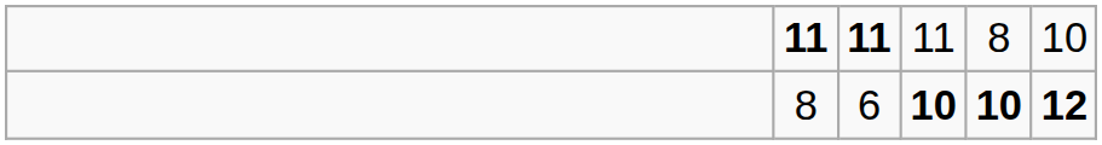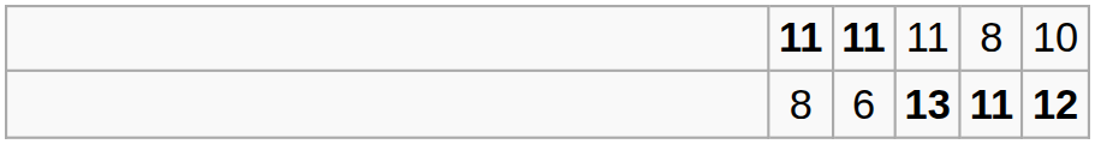 <table class="wikitable">
 <tr>
 <td style="width:18em"></td>
 <td align=center style="width:1em"><strong>11</strong></td>
 <td align=center style="width:1em"><strong>11</strong></td>
 <td align=center style="width:1em">11</td>
 <td align=center style="width:1em">8</td>
 <td align=center style="width:1em">10</td>
 </tr>
 <tr>
 <td style="width:18em"><strong></strong></td>
 <td align=center style="width:1em">8</td>
 <td align=center style="width:1em">6</td>
-<td align=center style="width:1em"><strong>10</strong></td>
-<td align=center style="width:1em"><strong>10</strong></td>
+<td align=center style="width:1em"><strong>13</strong></td>
+<td align=center style="width:1em"><strong>11</strong></td>
 <td align=center style="width:1em"><strong>12</strong></td>
 </tr>
 </table>
